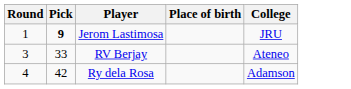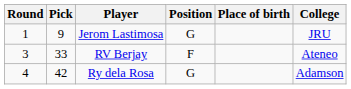 <table class="wikitable sortable sortable" style="text-align:center">
 <tr>
 <th>Round</th>
 <th>Pick</th>
 <th>Player</th>
+<th>Position</th>
 <th>Place of birth</th>
 <th>College</th>
 </tr>
 <tr>
 <td>1</td>
-<td><strong>9</strong></td>
+<td>9</td>
 <td><a href='#'>Jerom Lastimosa</a></td>
+<td>G</td>
 <td></td>
 <td><a href='#'>JRU</a></td>
 </tr>
 <tr>
 <td>3</td>
 <td>33</td>
 <td><a href='#'>RV Berjay</a></td>
+<td>F</td>
 <td></td>
 <td><a href='#'>Ateneo</a></td>
 </tr>
 <tr>
 <td>4</td>
 <td>42</td>
 <td><a href='#'>Ry dela Rosa</a></td>
+<td>G</td>
 <td></td>
 <td><a href='#'>Adamson</a></td>
 </tr>
 </table>
